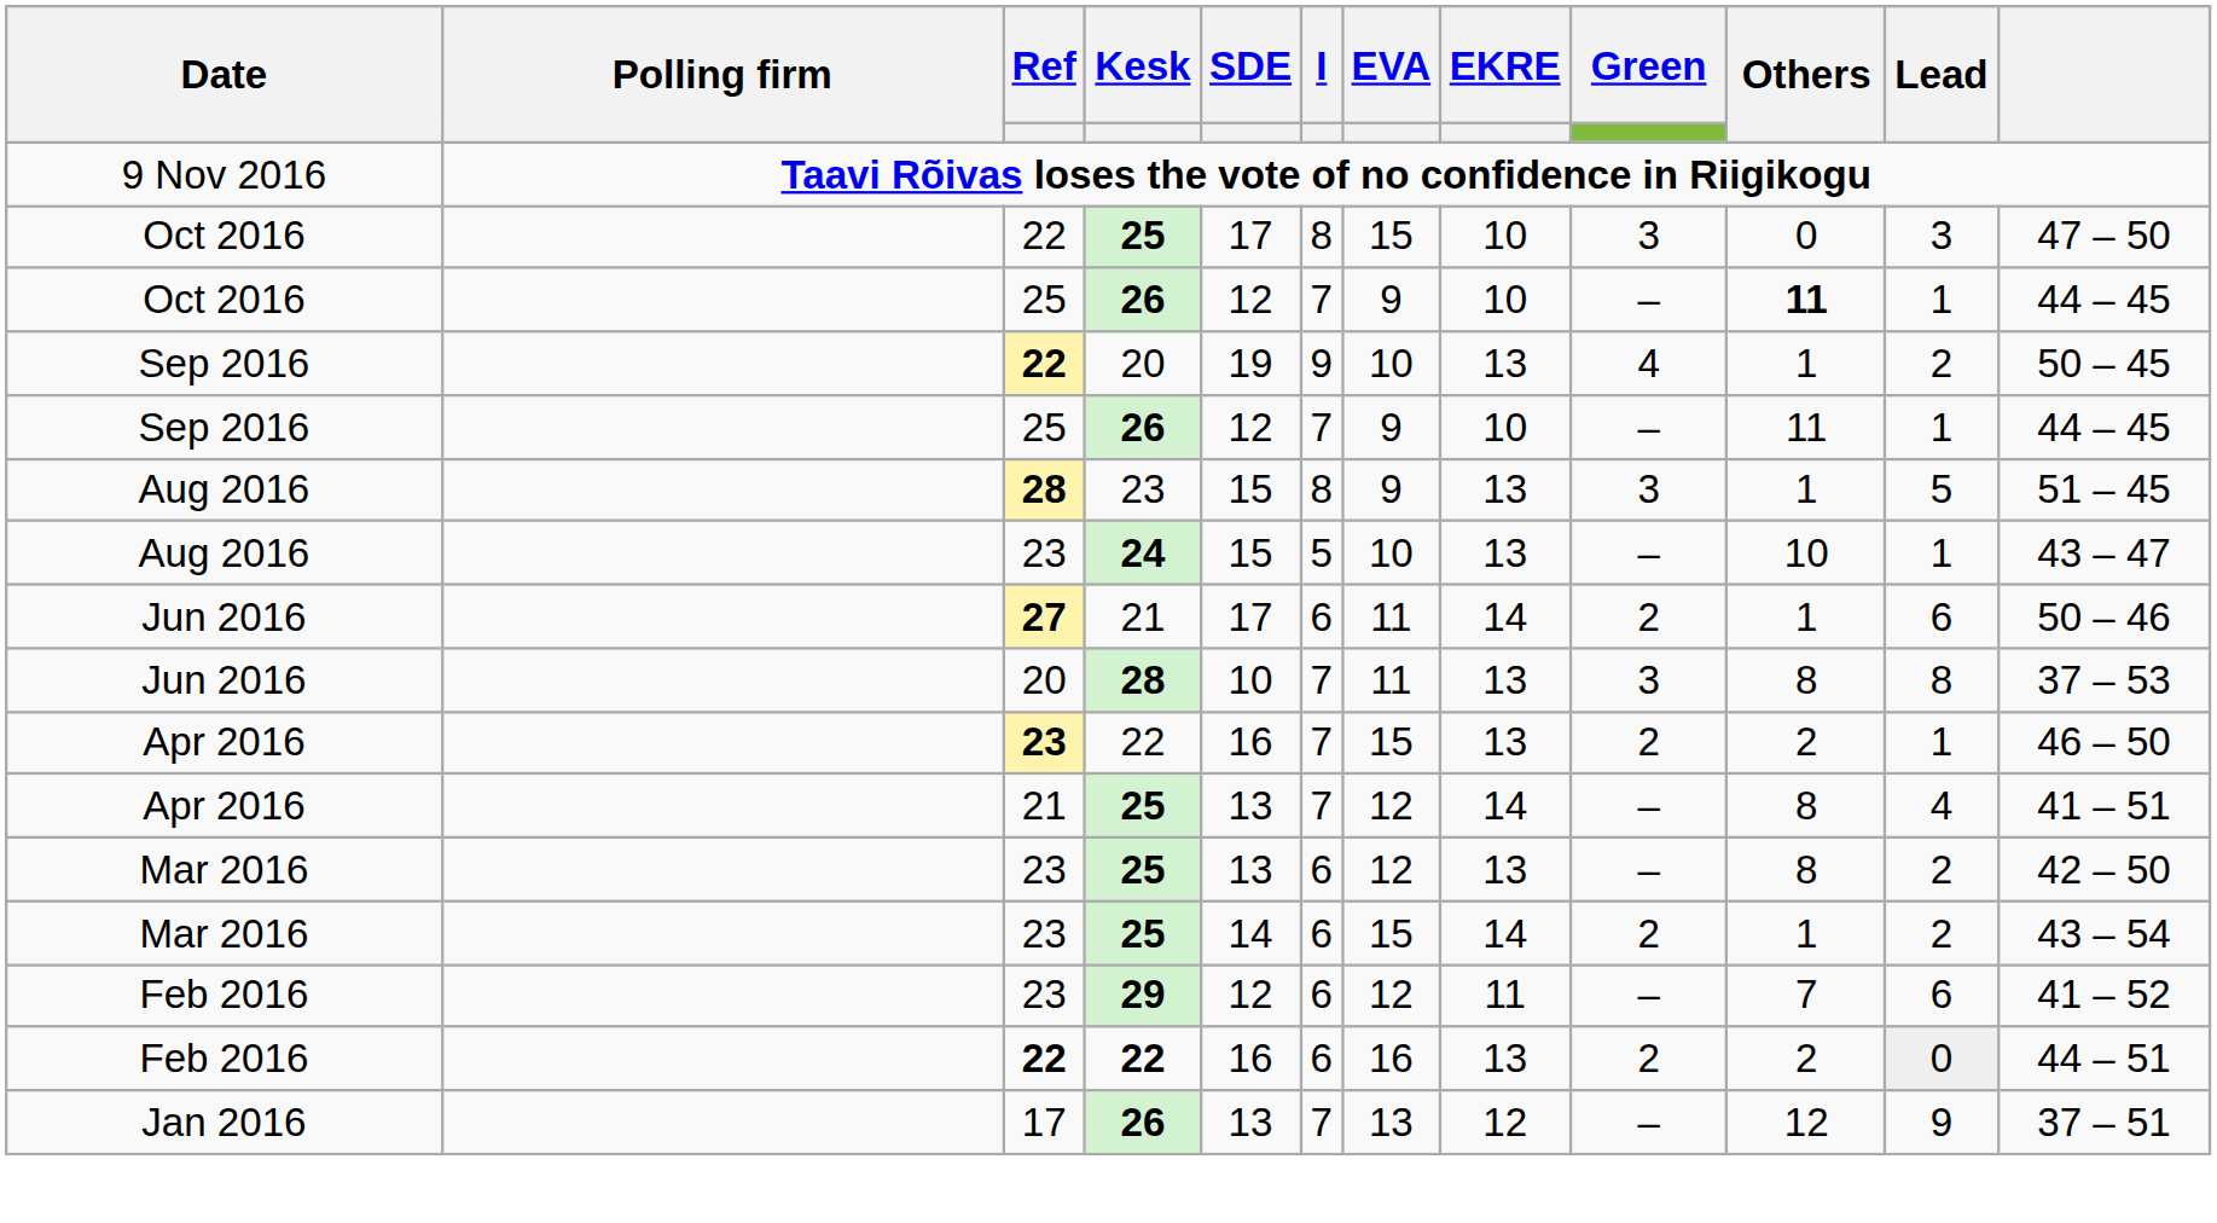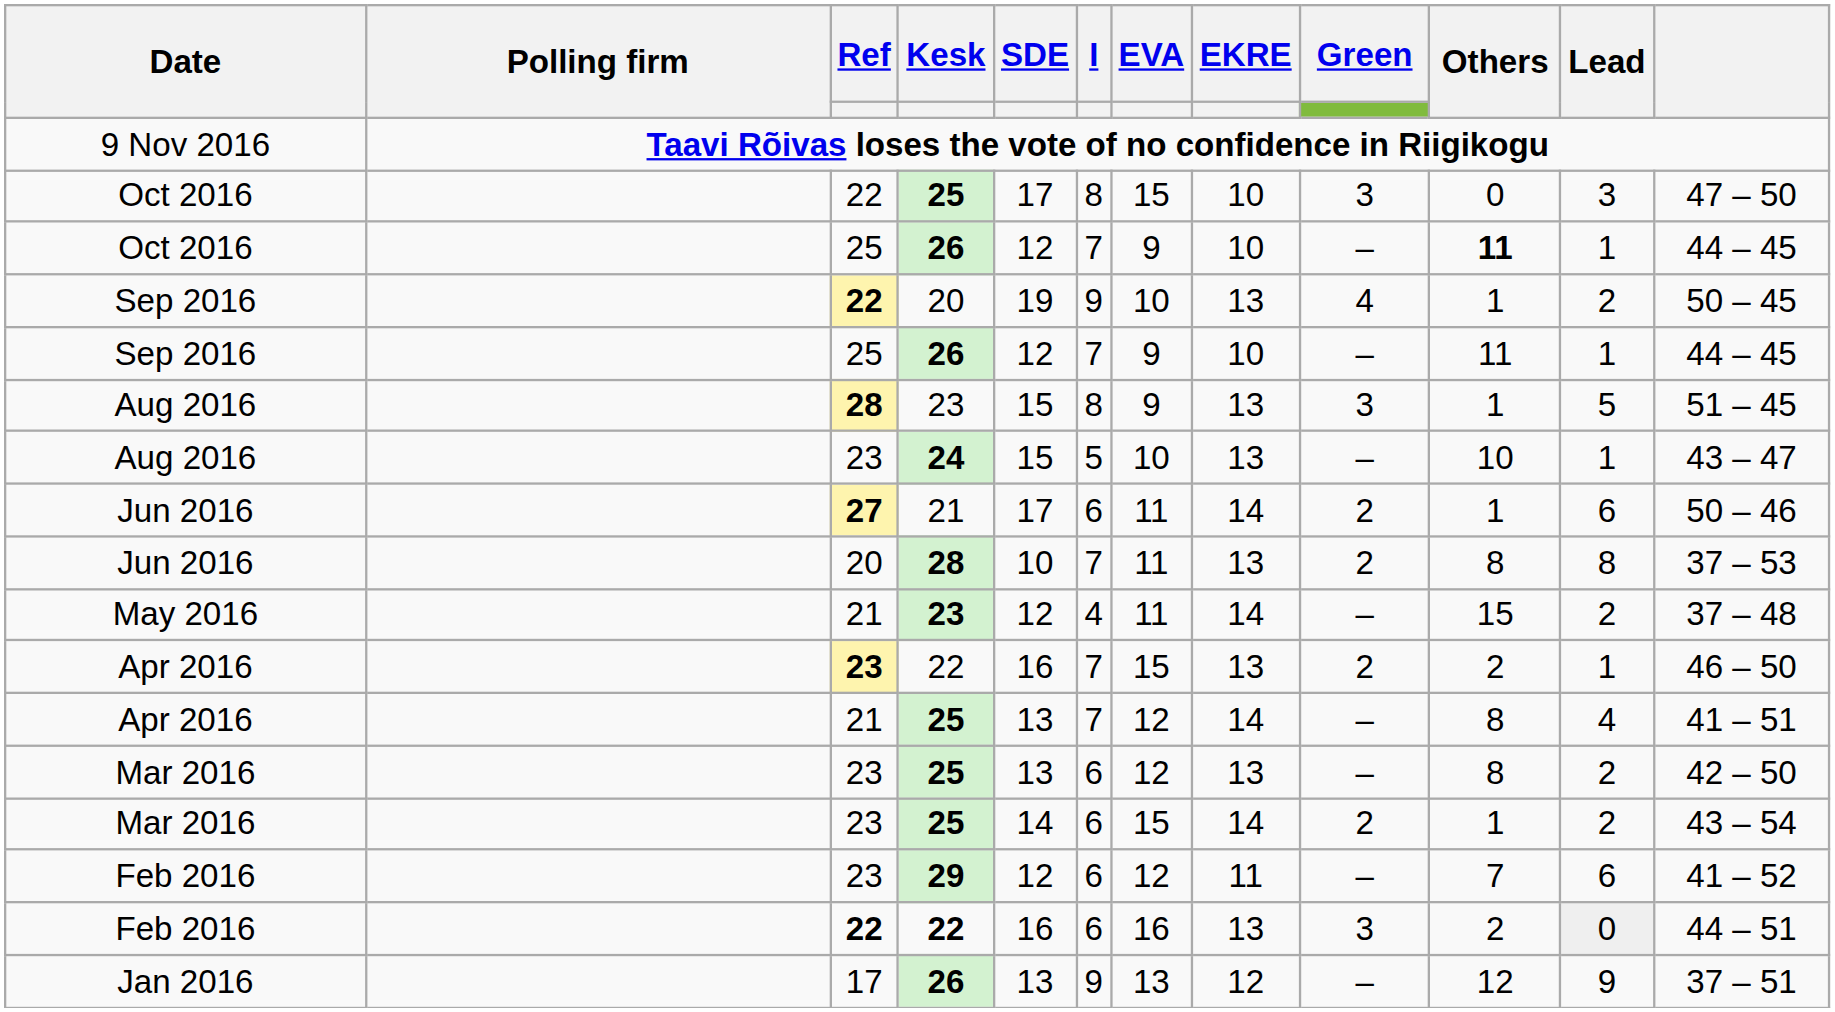 <table class="wikitable" style="text-align:center; font-size:90%; line-height:16px;">
 <tr style="height:42px; background-color:#E9E9E9">
 <th style="width:150px;" rowspan="2">Date</th>
 <th style="width:195px;" rowspan="2">Polling firm</th>
 <th><a href='#'><span>Ref</span></a></th>
 <th><a href='#'><span>Kesk</span></a></th>
 <th><a href='#'><span>SDE</span></a></th>
 <th><a href='#'><span>I</span></a></th>
 <th><a href='#'><span>EVA</span></a></th>
 <th><a href='#'><span>EKRE</span></a></th>
 <th><a href='#'><span>Green</span></a></th>
 <th style="width:50px;" rowspan="2">Others</th>
 <th style="width:20px;" rowspan="2">Lead</th>
 <th style="width:70px;" rowspan="2"></th>
 </tr>
 <tr>
 <th style="background:"></th>
 <th style="background:"></th>
 <th style="background:"></th>
 <th style="background:"></th>
 <th style="background:"></th>
 <th style="background:"></th>
 <th style="background:#80BB3D; width:50px;"></th>
 </tr>
 <tr>
 <td>9 Nov 2016</td>
 <td colspan="11"><strong><a href='#'>Taavi Rõivas</a> loses the vote of no confidence in Riigikogu</strong></td>
 </tr>
 <tr>
 <td>Oct 2016</td>
 <td></td>
 <td>22</td>
 <td style="background:#D3F2D0;"><strong>25</strong></td>
 <td>17</td>
 <td>8</td>
 <td>15</td>
 <td>10</td>
 <td>3</td>
 <td>0</td>
 <td style="background:">3</td>
 <td>47 – 50</td>
 </tr>
 <tr>
 <td>Oct 2016</td>
 <td></td>
 <td>25</td>
 <td style="background:#D3F2D0;"><strong>26</strong></td>
 <td>12</td>
 <td>7</td>
 <td>9</td>
 <td>10</td>
 <td>–</td>
 <td><strong>11</strong></td>
 <td style="background:">1</td>
 <td>44 – 45</td>
 </tr>
 <tr>
 <td>Sep 2016</td>
 <td></td>
 <td style="background:#FEF4AE"><strong>22</strong></td>
 <td>20</td>
 <td>19</td>
 <td>9</td>
 <td>10</td>
 <td>13</td>
 <td>4</td>
 <td>1</td>
 <td style="background:">2</td>
 <td>50 – 45</td>
 </tr>
 <tr>
 <td>Sep 2016</td>
 <td></td>
 <td>25</td>
 <td style="background:#D3F2D0;"><strong>26</strong></td>
 <td>12</td>
 <td>7</td>
 <td>9</td>
 <td>10</td>
 <td>–</td>
 <td>11</td>
 <td style="background:">1</td>
 <td>44 – 45</td>
 </tr>
 <tr>
 <td>Aug 2016</td>
 <td></td>
 <td style="background:#FEF4AE"><strong>28</strong></td>
 <td>23</td>
 <td>15</td>
 <td>8</td>
 <td>9</td>
 <td>13</td>
 <td>3</td>
 <td>1</td>
 <td style="background:">5</td>
 <td>51 – 45</td>
 </tr>
 <tr>
 <td>Aug 2016</td>
 <td></td>
 <td>23</td>
 <td style="background:#D3F2D0;"><strong>24</strong></td>
 <td>15</td>
 <td>5</td>
 <td>10</td>
 <td>13</td>
 <td>–</td>
 <td>10</td>
 <td style="background:">1</td>
 <td>43 – 47</td>
 </tr>
 <tr>
 <td>Jun 2016</td>
 <td></td>
 <td style="background:#FEF4AE"><strong>27</strong></td>
 <td>21</td>
 <td>17</td>
 <td>6</td>
 <td>11</td>
 <td>14</td>
 <td>2</td>
 <td>1</td>
 <td style="background:">6</td>
 <td>50 – 46</td>
 </tr>
 <tr>
 <td>Jun 2016</td>
 <td></td>
 <td>20</td>
 <td style="background:#D3F2D0;"><strong>28</strong></td>
 <td>10</td>
 <td>7</td>
 <td>11</td>
 <td>13</td>
-<td>3</td>
+<td>2</td>
 <td>8</td>
 <td style="background:">8</td>
 <td>37 – 53</td>
+</tr>
+<tr>
+<td>May 2016</td>
+<td></td>
+<td>21</td>
+<td style="background:#D3F2D0;"><strong>23</strong></td>
+<td>12</td>
+<td>4</td>
+<td>11</td>
+<td>14</td>
+<td>–</td>
+<td>15</td>
+<td style="background:">2</td>
+<td>37 – 48</td>
 </tr>
 <tr>
 <td>Apr 2016</td>
 <td></td>
 <td style="background:#FEF4AE"><strong>23</strong></td>
 <td>22</td>
 <td>16</td>
 <td>7</td>
 <td>15</td>
 <td>13</td>
 <td>2</td>
 <td>2</td>
 <td style="background:">1</td>
 <td>46 – 50</td>
 </tr>
 <tr>
 <td>Apr 2016</td>
 <td></td>
 <td>21</td>
 <td style="background:#D3F2D0"><strong>25</strong></td>
 <td>13</td>
 <td>7</td>
 <td>12</td>
 <td>14</td>
 <td>–</td>
 <td>8</td>
 <td style="background:">4</td>
 <td>41 – 51</td>
 </tr>
 <tr>
 <td>Mar 2016</td>
 <td></td>
 <td>23</td>
 <td style="background:#D3F2D0"><strong>25</strong></td>
 <td>13</td>
 <td>6</td>
 <td>12</td>
 <td>13</td>
 <td>–</td>
 <td>8</td>
 <td style="background:">2</td>
 <td>42 – 50</td>
 </tr>
 <tr>
 <td>Mar 2016</td>
 <td></td>
 <td>23</td>
 <td style="background:#D3F2D0"><strong>25</strong></td>
 <td>14</td>
 <td>6</td>
 <td>15</td>
 <td>14</td>
 <td>2</td>
 <td>1</td>
 <td style="background:">2</td>
 <td>43 – 54</td>
 </tr>
 <tr>
 <td>Feb 2016</td>
 <td></td>
 <td>23</td>
 <td style="background:#D3F2D0"><strong>29</strong></td>
 <td>12</td>
 <td>6</td>
 <td>12</td>
 <td>11</td>
 <td>–</td>
 <td>7</td>
 <td style="background:">6</td>
 <td>41 – 52</td>
 </tr>
 <tr>
 <td>Feb 2016</td>
 <td></td>
 <td><strong>22</strong></td>
 <td><strong>22</strong></td>
 <td>16</td>
 <td>6</td>
 <td>16</td>
 <td>13</td>
-<td>2</td>
+<td>3</td>
 <td>2</td>
 <td style="background:#EFEFEF;">0</td>
 <td>44 – 51</td>
 </tr>
 <tr>
 <td>Jan 2016</td>
 <td></td>
 <td>17</td>
 <td style="background:#D3F2D0"><strong>26</strong></td>
 <td>13</td>
-<td>7</td>
+<td>9</td>
 <td>13</td>
 <td>12</td>
 <td>–</td>
 <td>12</td>
 <td style="background:">9</td>
 <td>37 – 51</td>
 </tr>
 </table>
